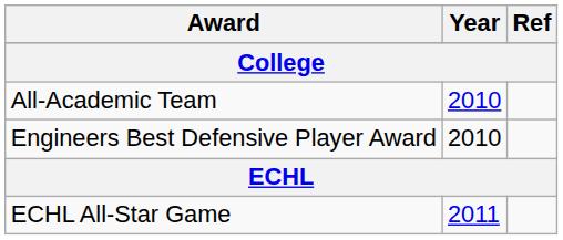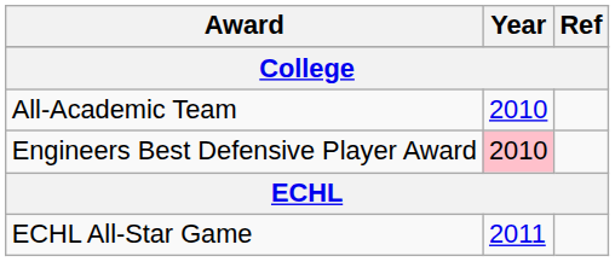 <table class="wikitable">
 <tr>
 <th>Award</th>
 <th>Year</th>
 <th>Ref</th>
 </tr>
 <tr>
 </tr>
 <tr>
 <th colspan="3"><a href='#'>College</a></th>
 </tr>
 <tr>
 <td>All-Academic Team</td>
 <td><a href='#'>2010</a></td>
 <td></td>
 </tr>
 <tr>
 <td>Engineers Best Defensive Player Award</td>
-<td>2010</td>
+<td style="background: pink;">2010</td>
 <td></td>
 </tr>
 <tr>
 <th colspan="3"><a href='#'>ECHL</a></th>
 </tr>
 <tr>
 <td>ECHL All-Star Game</td>
 <td><a href='#'>2011</a></td>
 <td></td>
 </tr>
 </table>
